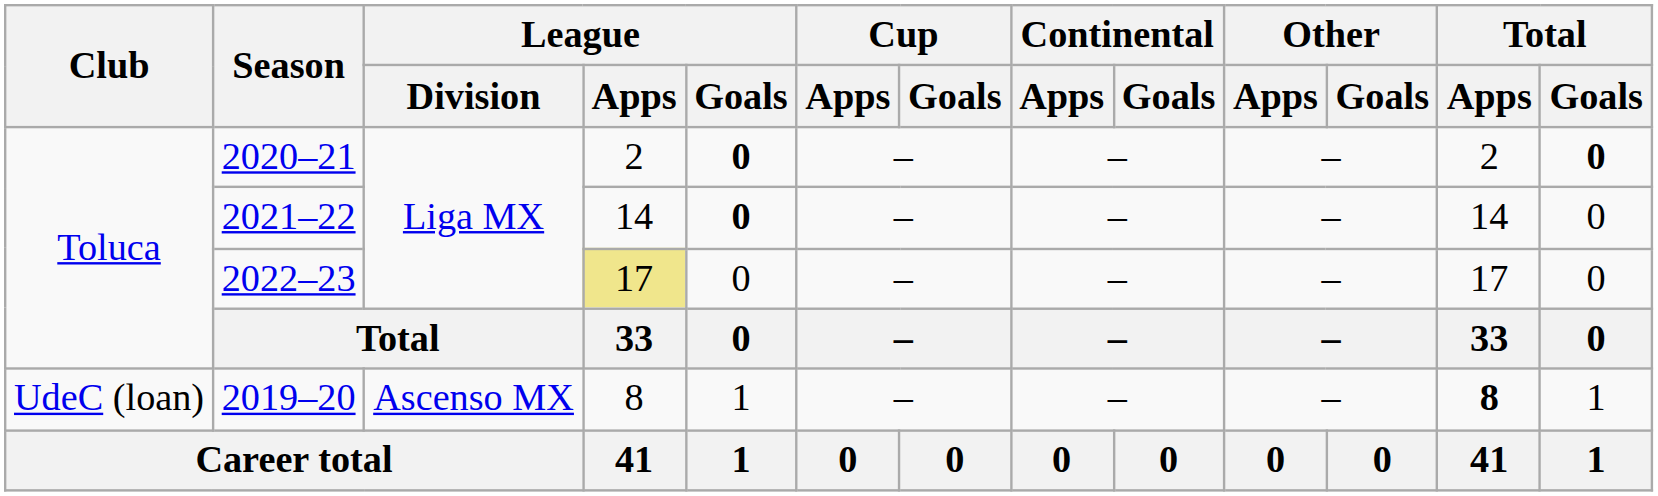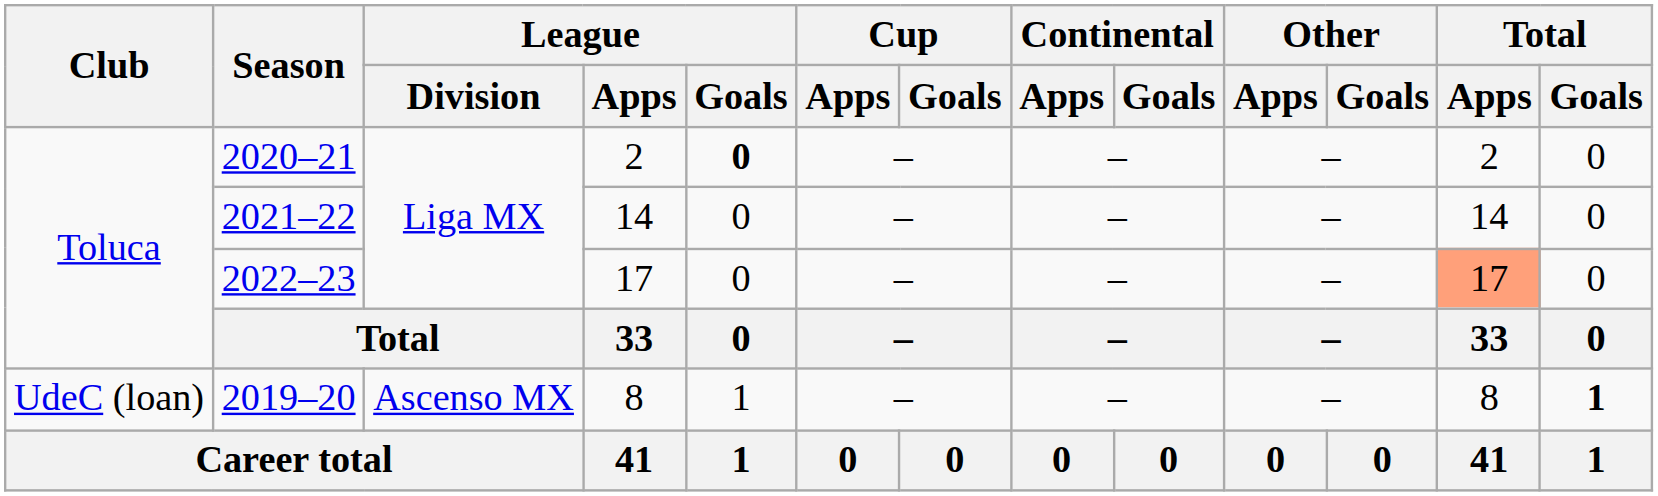 <table class="wikitable" style="text-align: center">
 <tr>
 <th rowspan="2">Club</th>
 <th rowspan="2">Season</th>
 <th colspan="3">League</th>
 <th colspan="2">Cup</th>
 <th colspan="2">Continental</th>
 <th colspan="2">Other</th>
 <th colspan="2">Total</th>
 </tr>
 <tr>
 <th>Division</th>
 <th>Apps</th>
 <th>Goals</th>
 <th>Apps</th>
 <th>Goals</th>
 <th>Apps</th>
 <th>Goals</th>
 <th>Apps</th>
 <th>Goals</th>
 <th>Apps</th>
 <th>Goals</th>
 </tr>
 <tr>
 <td rowspan="4"><a href='#'>Toluca</a></td>
 <td><a href='#'>2020–21</a></td>
 <td rowspan="3"><a href='#'>Liga MX</a></td>
 <td>2</td>
 <td><strong>0</strong></td>
 <td colspan="2">–</td>
 <td colspan="2">–</td>
 <td colspan="2">–</td>
 <td>2</td>
-<td><strong>0</strong></td>
+<td>0</td>
 </tr>
 <tr>
 <td><a href='#'>2021–22</a></td>
 <td>14</td>
-<td><strong>0</strong></td>
+<td>0</td>
 <td colspan="2">–</td>
 <td colspan="2">–</td>
 <td colspan="2">–</td>
 <td>14</td>
 <td>0</td>
 </tr>
 <tr>
 <td><a href='#'>2022–23</a></td>
-<td style="background: khaki;">17</td>
+<td>17</td>
 <td>0</td>
 <td colspan="2">–</td>
 <td colspan="2">–</td>
 <td colspan="2">–</td>
-<td>17</td>
+<td style="background: lightsalmon;">17</td>
 <td>0</td>
 </tr>
 <tr>
 <th colspan="2">Total</th>
 <th>33</th>
 <th>0</th>
 <th colspan="2">–</th>
 <th colspan="2">–</th>
 <th colspan="2">–</th>
 <th>33</th>
 <th>0</th>
 </tr>
 <tr>
 <td><a href='#'>UdeC</a> (loan)</td>
 <td><a href='#'>2019–20</a></td>
 <td><a href='#'>Ascenso MX</a></td>
 <td>8</td>
 <td>1</td>
 <td colspan="2">–</td>
 <td colspan="2">–</td>
 <td colspan="2">–</td>
-<td><strong>8</strong></td>
-<td>1</td>
+<td>8</td>
+<td><strong>1</strong></td>
 </tr>
 <tr>
 <th colspan=3>Career total</th>
 <th>41</th>
 <th>1</th>
 <th>0</th>
 <th>0</th>
 <th>0</th>
 <th>0</th>
 <th>0</th>
 <th>0</th>
 <th>41</th>
 <th>1</th>
 </tr>
 </table>
